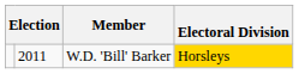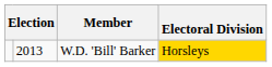 <table class="wikitable">
 <tr>
 <th colspan="2">Election</th>
 <th>Member</th>
 <th><br>Electoral Division</th>
 </tr>
 <tr>
 <td style="background-color: "></td>
-<td>2011</td>
+<td>2013</td>
 <td>W.D. 'Bill' Barker</td>
 <td style="background: gold;">Horsleys</td>
 </tr>
 </table>
